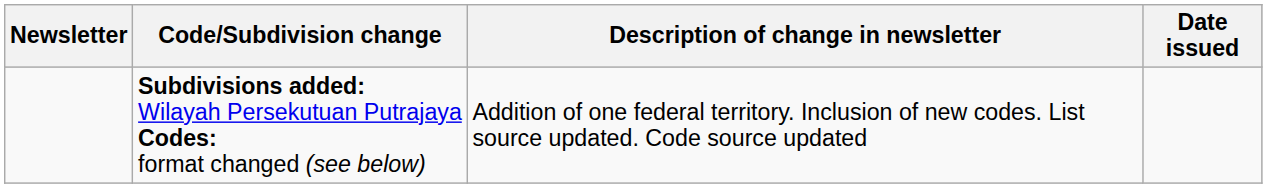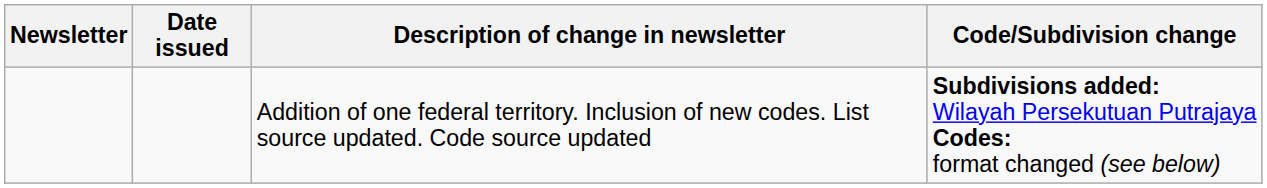 <table class="wikitable">
 <tr>
 <th>Newsletter</th>
+<th>Date issued</th>
+<th>Description of change in newsletter</th>
 <th>Code/Subdivision change</th>
-<th>Description of change in newsletter</th>
-<th>Date issued</th>
 </tr>
 <tr>
 <td id="I-5"></td>
+<td></td>
+<td>Addition of one federal territory. Inclusion of new codes. List source updated. Code source updated</td>
 <td style=white-space:nowrap><strong>Subdivisions added:</strong><br>  <a href='#'>Wilayah Persekutuan Putrajaya</a><br> <strong>Codes:</strong><br> format changed <em>(see below)</em></td>
-<td>Addition of one federal territory. Inclusion of new codes. List source updated. Code source updated</td>
-<td></td>
 </tr>
 </table>
